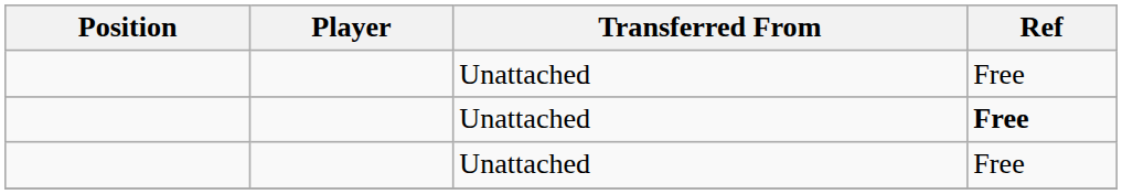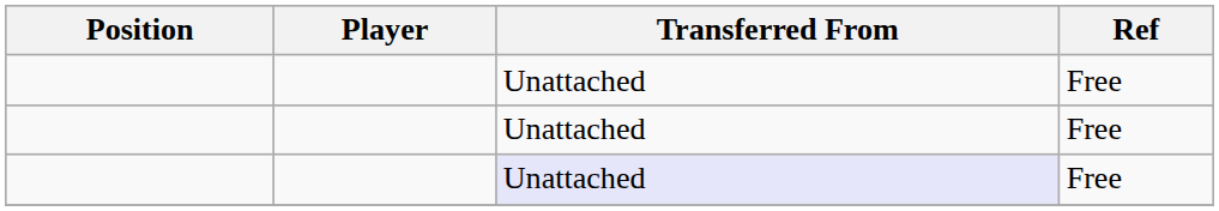 <table class="wikitable sortable" style="width:70%; text-align:center; font-size:100%; text-align:left;">
 <tr>
 <th>Position</th>
 <th>Player</th>
 <th>Transferred From</th>
 <th>Ref</th>
 </tr>
 <tr>
 <td></td>
 <td></td>
 <td>Unattached</td>
 <td>Free  </td>
 </tr>
 <tr>
 <td></td>
 <td></td>
 <td>Unattached</td>
-<td><strong>Free  </strong></td>
+<td>Free  </td>
 </tr>
 <tr>
 <td></td>
 <td></td>
-<td>Unattached</td>
+<td style="background: lavender;">Unattached</td>
 <td>Free</td>
 </tr>
 <tr>
 </tr>
 </table>
